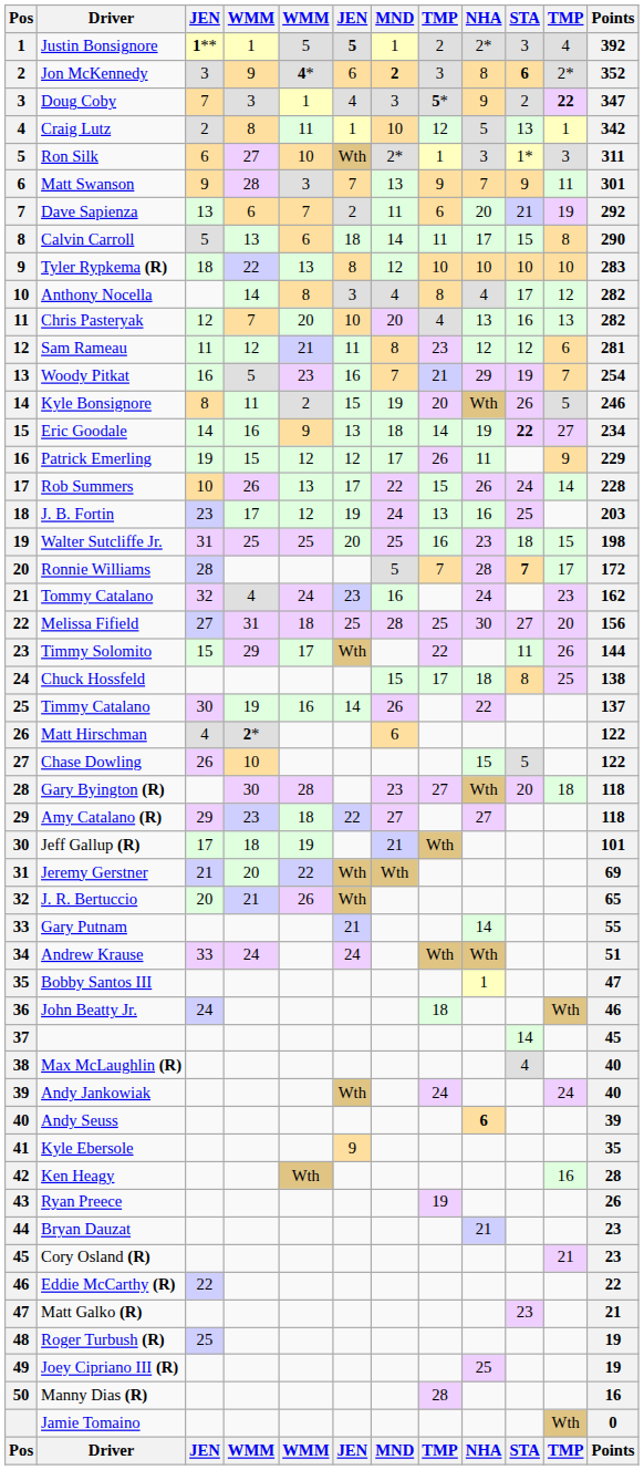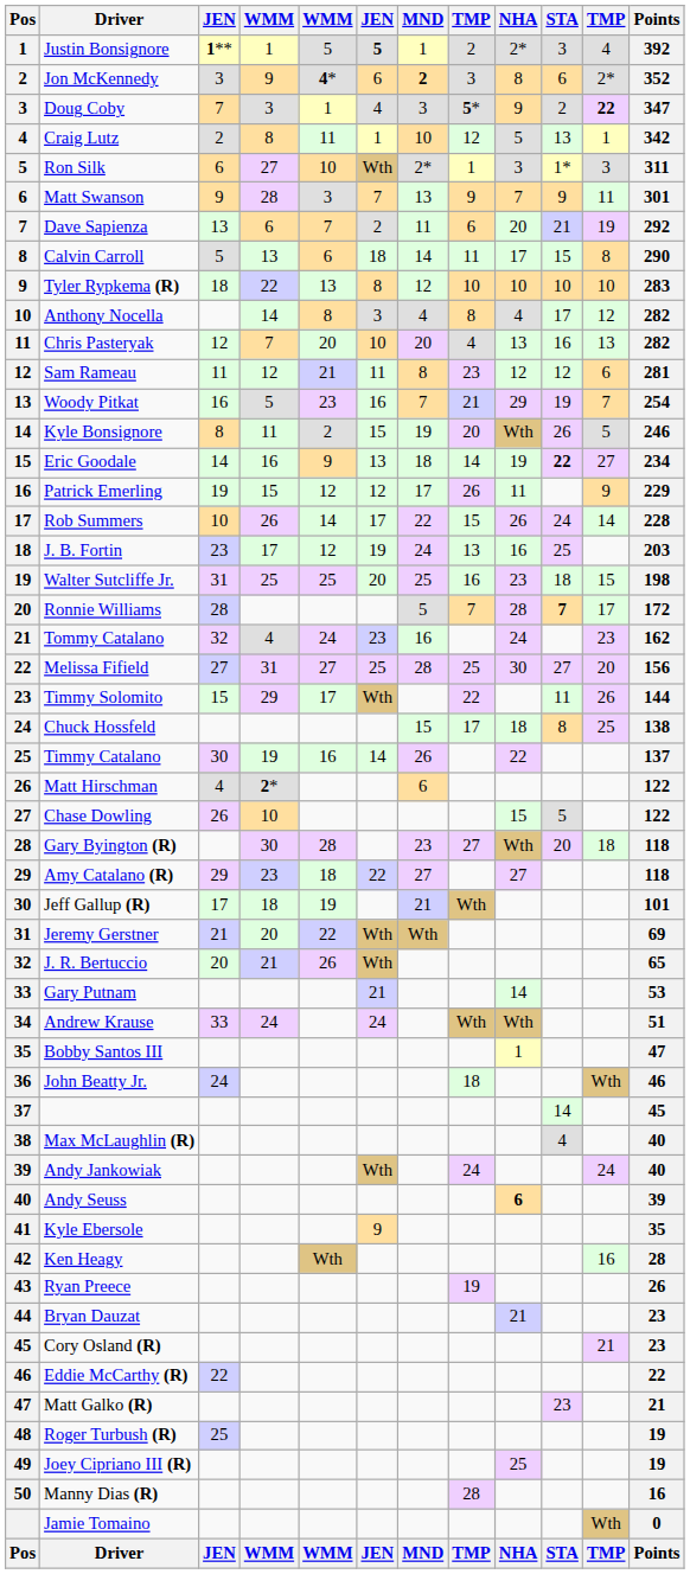 <table class="wikitable" style="font-size:77%; text-align:center;">
 <tr>
 <th valign="middle">Pos</th>
 <th valign="middle">Driver</th>
 <th><a href='#'>JEN</a></th>
 <th><a href='#'>WMM</a></th>
 <th><a href='#'>WMM</a></th>
 <th><a href='#'>JEN</a></th>
 <th><a href='#'>MND</a></th>
 <th><a href='#'>TMP</a></th>
 <th><a href='#'>NHA</a></th>
 <th><a href='#'>STA</a></th>
 <th><a href='#'>TMP</a></th>
 <th valign="middle">Points</th>
 </tr>
 <tr>
 <th>1</th>
 <td align="left"><a href='#'>Justin Bonsignore</a></td>
 <td style="background:#FFFFBF;"><strong>1</strong>**</td>
 <td style="background:#FFFFBF;">1</td>
 <td style="background:#DFDFDF;">5</td>
 <td style="background:#DFDFDF;"><strong>5</strong></td>
 <td style="background:#FFFFBF;">1</td>
 <td style="background:#DFDFDF;">2</td>
 <td style="background:#DFDFDF;">2*</td>
 <td style="background:#DFDFDF;">3</td>
 <td style="background:#DFDFDF;">4</td>
 <th>392</th>
 </tr>
 <tr>
 <th>2</th>
 <td align="left"><a href='#'>Jon McKennedy</a></td>
 <td style="background:#DFDFDF;">3</td>
 <td style="background:#FFDF9F;">9</td>
 <td style="background:#DFDFDF;"><strong>4</strong>*</td>
 <td style="background:#FFDF9F;">6</td>
 <td style="background:#FFDF9F;"><strong>2</strong></td>
 <td style="background:#DFDFDF;">3</td>
 <td style="background:#FFDF9F;">8</td>
-<td style="background:#FFDF9F;"><strong>6</strong></td>
+<td style="background:#FFDF9F;">6</td>
 <td style="background:#DFDFDF;">2*</td>
 <th>352</th>
 </tr>
 <tr>
 <th>3</th>
 <td align="left"><a href='#'>Doug Coby</a></td>
 <td style="background:#FFDF9F;">7</td>
 <td style="background:#DFDFDF;">3</td>
 <td style="background:#FFFFBF;">1</td>
 <td style="background:#DFDFDF;">4</td>
 <td style="background:#DFDFDF;">3</td>
 <td style="background:#DFDFDF;"><strong>5</strong>*</td>
 <td style="background:#FFDF9F;">9</td>
 <td style="background:#DFDFDF;">2</td>
 <td style="background:#EFCFFF;"><strong>22</strong></td>
 <th>347</th>
 </tr>
 <tr>
 <th>4</th>
 <td align="left"><a href='#'>Craig Lutz</a></td>
 <td style="background:#DFDFDF;">2</td>
 <td style="background:#FFDF9F;">8</td>
 <td style="background:#DFFFDF;">11</td>
 <td style="background:#FFFFBF;">1</td>
 <td style="background:#FFDF9F;">10</td>
 <td style="background:#DFFFDF;">12</td>
 <td style="background:#DFDFDF;">5</td>
 <td style="background:#DFFFDF;">13</td>
 <td style="background:#FFFFBF;">1</td>
 <th>342</th>
 </tr>
 <tr>
 <th>5</th>
 <td align="left"><a href='#'>Ron Silk</a></td>
 <td style="background:#FFDF9F;">6</td>
 <td style="background:#EFCFFF;">27</td>
 <td style="background:#FFDF9F;">10</td>
 <td style="background:#DFC484;">Wth</td>
 <td style="background:#DFDFDF;">2*</td>
 <td style="background:#FFFFBF;">1</td>
 <td style="background:#DFDFDF;">3</td>
 <td style="background:#FFFFBF;">1*</td>
 <td style="background:#DFDFDF;">3</td>
 <th>311</th>
 </tr>
 <tr>
 <th>6</th>
 <td align="left"><a href='#'>Matt Swanson</a></td>
 <td style="background:#FFDF9F;">9</td>
 <td style="background:#EFCFFF;">28</td>
 <td style="background:#DFDFDF;">3</td>
 <td style="background:#FFDF9F;">7</td>
 <td style="background:#DFFFDF;">13</td>
 <td style="background:#FFDF9F;">9</td>
 <td style="background:#FFDF9F;">7</td>
 <td style="background:#FFDF9F;">9</td>
 <td style="background:#DFFFDF;">11</td>
 <th>301</th>
 </tr>
 <tr>
 <th>7</th>
 <td align="left"><a href='#'>Dave Sapienza</a></td>
 <td style="background:#DFFFDF;">13</td>
 <td style="background:#FFDF9F;">6</td>
 <td style="background:#FFDF9F;">7</td>
 <td style="background:#DFDFDF;">2</td>
 <td style="background:#DFFFDF;">11</td>
 <td style="background:#FFDF9F;">6</td>
 <td style="background:#DFFFDF;">20</td>
 <td style="background:#CFCFFF;">21</td>
 <td style="background:#EFCFFF;">19</td>
 <th>292</th>
 </tr>
 <tr>
 <th>8</th>
 <td align="left"><a href='#'>Calvin Carroll</a></td>
 <td style="background:#DFDFDF;">5</td>
 <td style="background:#DFFFDF;">13</td>
 <td style="background:#FFDF9F;">6</td>
 <td style="background:#DFFFDF;">18</td>
 <td style="background:#DFFFDF;">14</td>
 <td style="background:#DFFFDF;">11</td>
 <td style="background:#DFFFDF;">17</td>
 <td style="background:#DFFFDF;">15</td>
 <td style="background:#FFDF9F;">8</td>
 <th>290</th>
 </tr>
 <tr>
 <th>9</th>
 <td align="left"><a href='#'>Tyler Rypkema</a> <strong>(R)</strong></td>
 <td style="background:#DFFFDF;">18</td>
 <td style="background:#CFCFFF;">22</td>
 <td style="background:#DFFFDF;">13</td>
 <td style="background:#FFDF9F;">8</td>
 <td style="background:#DFFFDF;">12</td>
 <td style="background:#FFDF9F;">10</td>
 <td style="background:#FFDF9F;">10</td>
 <td style="background:#FFDF9F;">10</td>
 <td style="background:#FFDF9F;">10</td>
 <th>283</th>
 </tr>
 <tr>
 <th>10</th>
 <td align="left"><a href='#'>Anthony Nocella</a></td>
 <td></td>
 <td style="background:#DFFFDF;">14</td>
 <td style="background:#FFDF9F;">8</td>
 <td style="background:#DFDFDF;">3</td>
 <td style="background:#DFDFDF;">4</td>
 <td style="background:#FFDF9F;">8</td>
 <td style="background:#DFDFDF;">4</td>
 <td style="background:#DFFFDF;">17</td>
 <td style="background:#DFFFDF;">12</td>
 <th>282</th>
 </tr>
 <tr>
 <th>11</th>
 <td align="left"><a href='#'>Chris Pasteryak</a></td>
 <td style="background:#DFFFDF;">12</td>
 <td style="background:#FFDF9F;">7</td>
 <td style="background:#DFFFDF;">20</td>
 <td style="background:#FFDF9F;">10</td>
 <td style="background:#EFCFFF;">20</td>
 <td style="background:#DFDFDF;">4</td>
 <td style="background:#DFFFDF;">13</td>
 <td style="background:#DFFFDF;">16</td>
 <td style="background:#DFFFDF;">13</td>
 <th>282</th>
 </tr>
 <tr>
 <th>12</th>
 <td align="left"><a href='#'>Sam Rameau</a></td>
 <td style="background:#DFFFDF;">11</td>
 <td style="background:#DFFFDF;">12</td>
 <td style="background:#CFCFFF;">21</td>
 <td style="background:#DFFFDF;">11</td>
 <td style="background:#FFDF9F;">8</td>
 <td style="background:#EFCFFF;">23</td>
 <td style="background:#DFFFDF;">12</td>
 <td style="background:#DFFFDF;">12</td>
 <td style="background:#FFDF9F;">6</td>
 <th>281</th>
 </tr>
 <tr>
 <th>13</th>
 <td align="left"><a href='#'>Woody Pitkat</a></td>
 <td style="background:#DFFFDF;">16</td>
 <td style="background:#DFDFDF;">5</td>
 <td style="background:#EFCFFF;">23</td>
 <td style="background:#DFFFDF;">16</td>
 <td style="background:#FFDF9F;">7</td>
 <td style="background:#CFCFFF;">21</td>
 <td style="background:#EFCFFF;">29</td>
 <td style="background:#EFCFFF;">19</td>
 <td style="background:#FFDF9F;">7</td>
 <th>254</th>
 </tr>
 <tr>
 <th>14</th>
 <td align="left"><a href='#'>Kyle Bonsignore</a></td>
 <td style="background:#FFDF9F;">8</td>
 <td style="background:#DFFFDF;">11</td>
 <td style="background:#DFDFDF;">2</td>
 <td style="background:#DFFFDF;">15</td>
 <td style="background:#DFFFDF;">19</td>
 <td style="background:#EFCFFF;">20</td>
 <td style="background:#DFC484;">Wth</td>
 <td style="background:#EFCFFF;">26</td>
 <td style="background:#DFDFDF;">5</td>
 <th>246</th>
 </tr>
 <tr>
 <th>15</th>
 <td align="left"><a href='#'>Eric Goodale</a></td>
 <td style="background:#DFFFDF;">14</td>
 <td style="background:#DFFFDF;">16</td>
 <td style="background:#FFDF9F;">9</td>
 <td style="background:#DFFFDF;">13</td>
 <td style="background:#DFFFDF;">18</td>
 <td style="background:#DFFFDF;">14</td>
 <td style="background:#DFFFDF;">19</td>
 <td style="background:#EFCFFF;"><strong>22</strong></td>
 <td style="background:#EFCFFF;">27</td>
 <th>234</th>
 </tr>
 <tr>
 <th>16</th>
 <td align="left"><a href='#'>Patrick Emerling</a></td>
 <td style="background:#DFFFDF;">19</td>
 <td style="background:#DFFFDF;">15</td>
 <td style="background:#DFFFDF;">12</td>
 <td style="background:#DFFFDF;">12</td>
 <td style="background:#DFFFDF;">17</td>
 <td style="background:#EFCFFF;">26</td>
 <td style="background:#DFFFDF;">11</td>
 <td></td>
 <td style="background:#FFDF9F;">9</td>
 <th>229</th>
 </tr>
 <tr>
 <th>17</th>
 <td align="left"><a href='#'>Rob Summers</a></td>
 <td style="background:#FFDF9F;">10</td>
 <td style="background:#EFCFFF;">26</td>
-<td style="background:#DFFFDF;">13</td>
+<td style="background:#DFFFDF;">14</td>
 <td style="background:#DFFFDF;">17</td>
 <td style="background:#EFCFFF;">22</td>
 <td style="background:#DFFFDF;">15</td>
 <td style="background:#EFCFFF;">26</td>
 <td style="background:#EFCFFF;">24</td>
 <td style="background:#DFFFDF;">14</td>
 <th>228</th>
 </tr>
 <tr>
 <th>18</th>
 <td align="left"><a href='#'>J. B. Fortin</a></td>
 <td style="background:#CFCFFF;">23</td>
 <td style="background:#DFFFDF;">17</td>
 <td style="background:#DFFFDF;">12</td>
 <td style="background:#DFFFDF;">19</td>
 <td style="background:#EFCFFF;">24</td>
 <td style="background:#DFFFDF;">13</td>
 <td style="background:#DFFFDF;">16</td>
 <td style="background:#EFCFFF;">25</td>
 <td></td>
 <th>203</th>
 </tr>
 <tr>
 <th>19</th>
 <td align="left"><a href='#'>Walter Sutcliffe Jr.</a></td>
 <td style="background:#EFCFFF;">31</td>
 <td style="background:#EFCFFF;">25</td>
 <td style="background:#EFCFFF;">25</td>
 <td style="background:#DFFFDF;">20</td>
 <td style="background:#EFCFFF;">25</td>
 <td style="background:#DFFFDF;">16</td>
 <td style="background:#EFCFFF;">23</td>
 <td style="background:#DFFFDF;">18</td>
 <td style="background:#DFFFDF;">15</td>
 <th>198</th>
 </tr>
 <tr>
 <th>20</th>
 <td align="left"><a href='#'>Ronnie Williams</a></td>
 <td style="background:#CFCFFF;">28</td>
 <td></td>
 <td></td>
 <td></td>
 <td style="background:#DFDFDF;">5</td>
 <td style="background:#FFDF9F;">7</td>
 <td style="background:#EFCFFF;">28</td>
 <td style="background:#FFDF9F;"><strong>7</strong></td>
 <td style="background:#DFFFDF;">17</td>
 <th>172</th>
 </tr>
 <tr>
 <th>21</th>
 <td align="left"><a href='#'>Tommy Catalano</a></td>
 <td style="background:#EFCFFF;">32</td>
 <td style="background:#DFDFDF;">4</td>
 <td style="background:#EFCFFF;">24</td>
 <td style="background:#CFCFFF;">23</td>
 <td style="background:#DFFFDF;">16</td>
 <td></td>
 <td style="background:#EFCFFF;">24</td>
 <td></td>
 <td style="background:#EFCFFF;">23</td>
 <th>162</th>
 </tr>
 <tr>
 <th>22</th>
 <td align="left"><a href='#'>Melissa Fifield</a></td>
 <td style="background:#CFCFFF;">27</td>
 <td style="background:#EFCFFF;">31</td>
-<td style="background:#EFCFFF;">18</td>
+<td style="background:#EFCFFF;">27</td>
 <td style="background:#EFCFFF;">25</td>
 <td style="background:#EFCFFF;">28</td>
 <td style="background:#EFCFFF;">25</td>
 <td style="background:#EFCFFF;">30</td>
 <td style="background:#EFCFFF;">27</td>
 <td style="background:#EFCFFF;">20</td>
 <th>156</th>
 </tr>
 <tr>
 <th>23</th>
 <td align="left"><a href='#'>Timmy Solomito</a></td>
 <td style="background:#DFFFDF;">15</td>
 <td style="background:#EFCFFF;">29</td>
 <td style="background:#DFFFDF;">17</td>
 <td style="background:#DFC484;">Wth</td>
 <td></td>
 <td style="background:#EFCFFF;">22</td>
 <td></td>
 <td style="background:#DFFFDF;">11</td>
 <td style="background:#EFCFFF;">26</td>
 <th>144</th>
 </tr>
 <tr>
 <th>24</th>
 <td align="left"><a href='#'>Chuck Hossfeld</a></td>
 <td></td>
 <td></td>
 <td></td>
 <td></td>
 <td style="background:#DFFFDF;">15</td>
 <td style="background:#DFFFDF;">17</td>
 <td style="background:#DFFFDF;">18</td>
 <td style="background:#FFDF9F;">8</td>
 <td style="background:#EFCFFF;">25</td>
 <th>138</th>
 </tr>
 <tr>
 <th>25</th>
 <td align="left"><a href='#'>Timmy Catalano</a></td>
 <td style="background:#EFCFFF;">30</td>
 <td style="background:#DFFFDF;">19</td>
 <td style="background:#DFFFDF;">16</td>
 <td style="background:#DFFFDF;">14</td>
 <td style="background:#EFCFFF;">26</td>
 <td></td>
 <td style="background:#EFCFFF;">22</td>
 <td></td>
 <td></td>
 <th>137</th>
 </tr>
 <tr>
 <th>26</th>
 <td align="left"><a href='#'>Matt Hirschman</a></td>
 <td style="background:#DFDFDF;">4</td>
 <td style="background:#DFDFDF;"><strong>2</strong>*</td>
 <td></td>
 <td></td>
 <td style="background:#FFDF9F;">6</td>
 <td></td>
 <td></td>
 <td></td>
 <td></td>
 <th>122</th>
 </tr>
 <tr>
 <th>27</th>
 <td align="left"><a href='#'>Chase Dowling</a></td>
 <td style="background:#EFCFFF;">26</td>
 <td style="background:#FFDF9F;">10</td>
 <td></td>
 <td></td>
 <td></td>
 <td></td>
 <td style="background:#DFFFDF;">15</td>
 <td style="background:#DFDFDF;">5</td>
 <td></td>
 <th>122</th>
 </tr>
 <tr>
 <th>28</th>
 <td align="left"><a href='#'>Gary Byington</a> <strong>(R)</strong></td>
 <td></td>
 <td style="background:#EFCFFF;">30</td>
 <td style="background:#EFCFFF;">28</td>
 <td></td>
 <td style="background:#EFCFFF;">23</td>
 <td style="background:#EFCFFF;">27</td>
 <td style="background:#DFC484;">Wth</td>
 <td style="background:#EFCFFF;">20</td>
 <td style="background:#DFFFDF;">18</td>
 <th>118</th>
 </tr>
 <tr>
 <th>29</th>
 <td align="left"><a href='#'>Amy Catalano</a> <strong>(R)</strong></td>
 <td style="background:#EFCFFF;">29</td>
 <td style="background:#CFCFFF;">23</td>
 <td style="background:#DFFFDF;">18</td>
 <td style="background:#CFCFFF;">22</td>
 <td style="background:#EFCFFF;">27</td>
 <td></td>
 <td style="background:#EFCFFF;">27</td>
 <td></td>
 <td></td>
 <th>118</th>
 </tr>
 <tr>
 <th>30</th>
 <td align="left">Jeff Gallup <strong>(R)</strong></td>
 <td style="background:#DFFFDF;">17</td>
 <td style="background:#DFFFDF;">18</td>
 <td style="background:#DFFFDF;">19</td>
 <td></td>
 <td style="background:#CFCFFF;">21</td>
 <td style="background:#DFC484;">Wth</td>
 <td></td>
 <td></td>
 <td></td>
 <th>101</th>
 </tr>
 <tr>
 <th>31</th>
 <td align="left"><a href='#'>Jeremy Gerstner</a></td>
 <td style="background:#CFCFFF;">21</td>
 <td style="background:#DFFFDF;">20</td>
 <td style="background:#CFCFFF;">22</td>
 <td style="background:#DFC484;">Wth</td>
 <td style="background:#DFC484;">Wth</td>
 <td></td>
 <td></td>
 <td></td>
 <td></td>
 <th>69</th>
 </tr>
 <tr>
 <th>32</th>
 <td align="left"><a href='#'>J. R. Bertuccio</a></td>
 <td style="background:#DFFFDF;">20</td>
 <td style="background:#CFCFFF;">21</td>
 <td style="background:#EFCFFF;">26</td>
 <td style="background:#DFC484;">Wth</td>
 <td></td>
 <td></td>
 <td></td>
 <td></td>
 <td></td>
 <th>65</th>
 </tr>
 <tr>
 <th>33</th>
 <td align="left"><a href='#'>Gary Putnam</a></td>
 <td></td>
 <td></td>
 <td></td>
 <td style="background:#CFCFFF;">21</td>
 <td></td>
 <td></td>
 <td style="background:#DFFFDF;">14</td>
 <td></td>
 <td></td>
-<th>55</th>
+<th>53</th>
 </tr>
 <tr>
 <th>34</th>
 <td align="left"><a href='#'>Andrew Krause</a></td>
 <td style="background:#EFCFFF;">33</td>
 <td style="background:#EFCFFF;">24</td>
 <td></td>
 <td style="background:#EFCFFF;">24</td>
 <td></td>
 <td style="background:#DFC484;">Wth</td>
 <td style="background:#DFC484;">Wth</td>
 <td></td>
 <td></td>
 <th>51</th>
 </tr>
 <tr>
 <th>35</th>
 <td align="left"><a href='#'>Bobby Santos III</a></td>
 <td></td>
 <td></td>
 <td></td>
 <td></td>
 <td></td>
 <td></td>
 <td style="background:#FFFFBF;">1</td>
 <td></td>
 <td></td>
 <th>47</th>
 </tr>
 <tr>
 <th>36</th>
 <td align="left"><a href='#'>John Beatty Jr.</a></td>
 <td style="background:#CFCFFF;">24</td>
 <td></td>
 <td></td>
 <td></td>
 <td></td>
 <td style="background:#DFFFDF;">18</td>
 <td></td>
 <td></td>
 <td style="background:#DFC484;">Wth</td>
 <th>46</th>
 </tr>
 <tr>
 <th>37</th>
 <td align="left"></td>
 <td></td>
 <td></td>
 <td></td>
 <td></td>
 <td></td>
 <td></td>
 <td></td>
 <td style="background:#DFFFDF;">14</td>
 <td></td>
 <th>45</th>
 </tr>
 <tr>
 <th>38</th>
 <td align="left"><a href='#'>Max McLaughlin</a> <strong>(R)</strong></td>
 <td></td>
 <td></td>
 <td></td>
 <td></td>
 <td></td>
 <td></td>
 <td></td>
 <td style="background:#DFDFDF;">4</td>
 <td></td>
 <th>40</th>
 </tr>
 <tr>
 <th>39</th>
 <td align="left"><a href='#'>Andy Jankowiak</a></td>
 <td></td>
 <td></td>
 <td></td>
 <td style="background:#DFC484;">Wth</td>
 <td></td>
 <td style="background:#EFCFFF;">24</td>
 <td></td>
 <td></td>
 <td style="background:#EFCFFF;">24</td>
 <th>40</th>
 </tr>
 <tr>
 <th>40</th>
 <td align="left"><a href='#'>Andy Seuss</a></td>
 <td></td>
 <td></td>
 <td></td>
 <td></td>
 <td></td>
 <td></td>
 <td style="background:#FFDF9F;"><strong>6</strong></td>
 <td></td>
 <td></td>
 <th>39</th>
 </tr>
 <tr>
 <th>41</th>
 <td align="left"><a href='#'>Kyle Ebersole</a></td>
 <td></td>
 <td></td>
 <td></td>
 <td style="background:#FFDF9F;">9</td>
 <td></td>
 <td></td>
 <td></td>
 <td></td>
 <td></td>
 <th>35</th>
 </tr>
 <tr>
 <th>42</th>
 <td align="left"><a href='#'>Ken Heagy</a></td>
 <td></td>
 <td></td>
 <td style="background:#DFC484;">Wth</td>
 <td></td>
 <td></td>
 <td></td>
 <td></td>
 <td></td>
 <td style="background:#DFFFDF;">16</td>
 <th>28</th>
 </tr>
 <tr>
 <th>43</th>
 <td align="left"><a href='#'>Ryan Preece</a></td>
 <td></td>
 <td></td>
 <td></td>
 <td></td>
 <td></td>
 <td style="background:#EFCFFF;">19</td>
 <td></td>
 <td></td>
 <td></td>
 <th>26</th>
 </tr>
 <tr>
 <th>44</th>
 <td align="left"><a href='#'>Bryan Dauzat</a></td>
 <td></td>
 <td></td>
 <td></td>
 <td></td>
 <td></td>
 <td></td>
 <td style="background:#CFCFFF;">21</td>
 <td></td>
 <td></td>
 <th>23</th>
 </tr>
 <tr>
 <th>45</th>
 <td align="left">Cory Osland <strong>(R)</strong></td>
 <td></td>
 <td></td>
 <td></td>
 <td></td>
 <td></td>
 <td></td>
 <td></td>
 <td></td>
 <td style="background:#EFCFFF;">21</td>
 <th>23</th>
 </tr>
 <tr>
 <th>46</th>
 <td align="left"><a href='#'>Eddie McCarthy</a> <strong>(R)</strong></td>
 <td style="background:#CFCFFF;">22</td>
 <td></td>
 <td></td>
 <td></td>
 <td></td>
 <td></td>
 <td></td>
 <td></td>
 <td></td>
 <th>22</th>
 </tr>
 <tr>
 <th>47</th>
 <td align="left">Matt Galko <strong>(R)</strong></td>
 <td></td>
 <td></td>
 <td></td>
 <td></td>
 <td></td>
 <td></td>
 <td></td>
 <td style="background:#EFCFFF;">23</td>
 <td></td>
 <th>21</th>
 </tr>
 <tr>
 <th>48</th>
 <td align="left"><a href='#'>Roger Turbush</a> <strong>(R)</strong></td>
 <td style="background:#CFCFFF;">25</td>
 <td></td>
 <td></td>
 <td></td>
 <td></td>
 <td></td>
 <td></td>
 <td></td>
 <td></td>
 <th>19</th>
 </tr>
 <tr>
 <th>49</th>
 <td align="left"><a href='#'>Joey Cipriano III</a> <strong>(R)</strong></td>
 <td></td>
 <td></td>
 <td></td>
 <td></td>
 <td></td>
 <td></td>
 <td style="background:#EFCFFF;">25</td>
 <td></td>
 <td></td>
 <th>19</th>
 </tr>
 <tr>
 <th>50</th>
 <td align="left">Manny Dias <strong>(R)</strong></td>
 <td></td>
 <td></td>
 <td></td>
 <td></td>
 <td></td>
 <td style="background:#EFCFFF;">28</td>
 <td></td>
 <td></td>
 <td></td>
 <th>16</th>
 </tr>
 <tr>
 <th></th>
 <td align="left"><a href='#'>Jamie Tomaino</a></td>
 <td></td>
 <td></td>
 <td></td>
 <td></td>
 <td></td>
 <td></td>
 <td></td>
 <td></td>
 <td style="background:#DFC484;">Wth</td>
 <th>0</th>
 </tr>
 <tr>
 <th valign="middle">Pos</th>
 <th valign="middle">Driver</th>
 <th><a href='#'>JEN</a></th>
 <th><a href='#'>WMM</a></th>
 <th><a href='#'>WMM</a></th>
 <th><a href='#'>JEN</a></th>
 <th><a href='#'>MND</a></th>
 <th><a href='#'>TMP</a></th>
 <th><a href='#'>NHA</a></th>
 <th><a href='#'>STA</a></th>
 <th><a href='#'>TMP</a></th>
 <th valign="middle">Points</th>
 </tr>
 </table>
